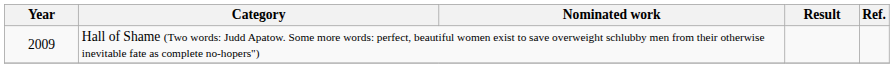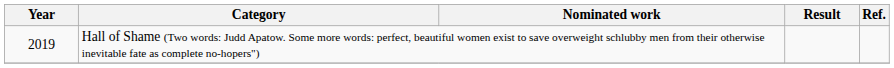 <table class=wikitable>
 <tr>
 <th scope="col" style="width:5em;">Year</th>
 <th scope="col" style="width:26em;">Category</th>
 <th scope="col" style="width:25em;">Nominated work</th>
 <th scope="col" style="width:5em;">Result</th>
 <th>Ref.</th>
 </tr>
 <tr>
-<td style="text-align:center;">2009</td>
+<td style="text-align:center;">2019</td>
 <td colspan=2>Hall of Shame <small> (Two words: Judd Apatow. Some more words: perfect, beautiful women exist to save overweight schlubby men from their otherwise inevitable fate as complete no-hopers") </small></td>
 <td></td>
 <td></td>
 </tr>
 <tr>
 </tr>
 </table>
